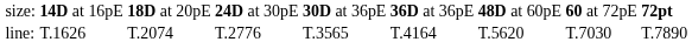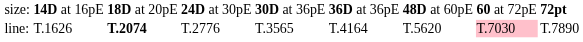 <table style="margin-left:40px;">
 <tr>
 <td>size:</td>
 <td><strong>14D</strong> at 16pE</td>
 <td><strong>18D</strong> at 20pE</td>
 <td><strong>24D</strong> at 30pE</td>
 <td><strong>30D</strong> at 36pE</td>
 <td><strong>36D</strong> at 36pE</td>
 <td><strong>48D</strong> at 60pE</td>
 <td><strong>60</strong> at 72pE</td>
 <td><strong>72pt</strong></td>
 </tr>
 <tr>
 <td>line:</td>
 <td>T.1626</td>
-<td>T.2074</td>
+<td><strong>T.2074</strong></td>
 <td>T.2776</td>
 <td>T.3565</td>
 <td>T.4164</td>
 <td>T.5620</td>
-<td>T.7030</td>
+<td style="background: pink;">T.7030</td>
 <td>T.7890</td>
 </tr>
 </table>
